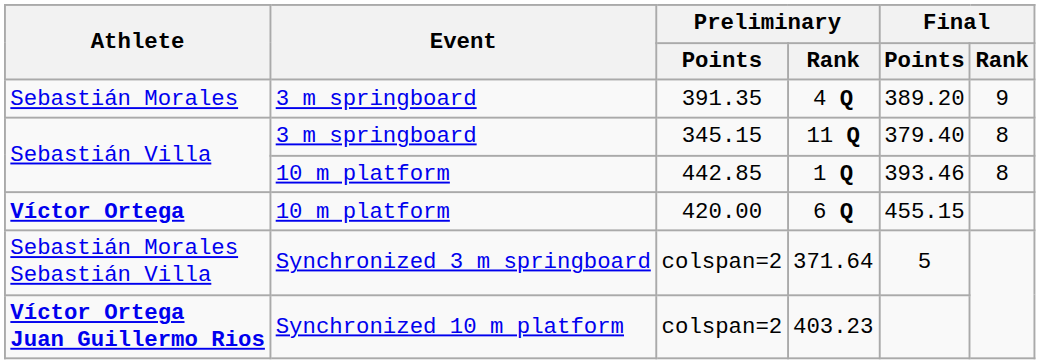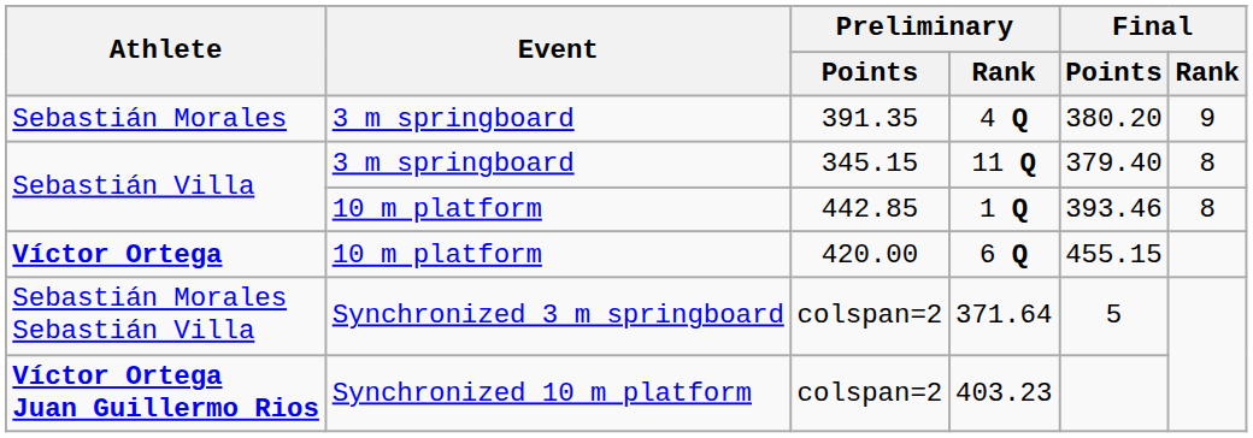 <table class=wikitable style="font-size:90%">
 <tr>
 <th rowspan="2">Athlete</th>
 <th rowspan="2">Event</th>
 <th colspan="2">Preliminary</th>
 <th colspan="2">Final</th>
 </tr>
 <tr>
 <th>Points</th>
 <th>Rank</th>
 <th>Points</th>
 <th>Rank</th>
 </tr>
 <tr align=center>
 <td align=left><a href='#'>Sebastián Morales</a></td>
 <td align=left><a href='#'>3 m springboard</a></td>
 <td>391.35</td>
 <td>4 <strong>Q</strong></td>
-<td>389.20</td>
+<td>380.20</td>
 <td>9</td>
 </tr>
 <tr align=center>
 <td align=left rowspan=2><a href='#'>Sebastián Villa</a></td>
 <td align=left><a href='#'>3 m springboard</a></td>
 <td>345.15</td>
 <td>11 <strong>Q</strong></td>
 <td>379.40</td>
 <td>8</td>
 </tr>
 <tr align=center>
 <td align=left><a href='#'>10 m platform</a></td>
 <td>442.85</td>
 <td>1 <strong>Q</strong></td>
 <td>393.46</td>
 <td>8</td>
 </tr>
 <tr align=center>
 <td align=left><strong><a href='#'>Víctor Ortega</a></strong></td>
 <td align=left><a href='#'>10 m platform</a></td>
 <td>420.00</td>
 <td>6 <strong>Q</strong></td>
 <td>455.15</td>
 <td></td>
 </tr>
 <tr align=center>
 <td align=left><a href='#'>Sebastián Morales</a><br><a href='#'>Sebastián Villa</a></td>
 <td align=left><a href='#'>Synchronized 3 m springboard</a></td>
 <td>colspan=2 </td>
 <td>371.64</td>
 <td>5</td>
 </tr>
 <tr align=center>
 <td align=left><strong><a href='#'>Víctor Ortega</a><br><a href='#'>Juan Guillermo Rios</a></strong></td>
 <td align=left><a href='#'>Synchronized 10 m platform</a></td>
 <td>colspan=2 </td>
 <td>403.23</td>
 <td></td>
 </tr>
 </table>
